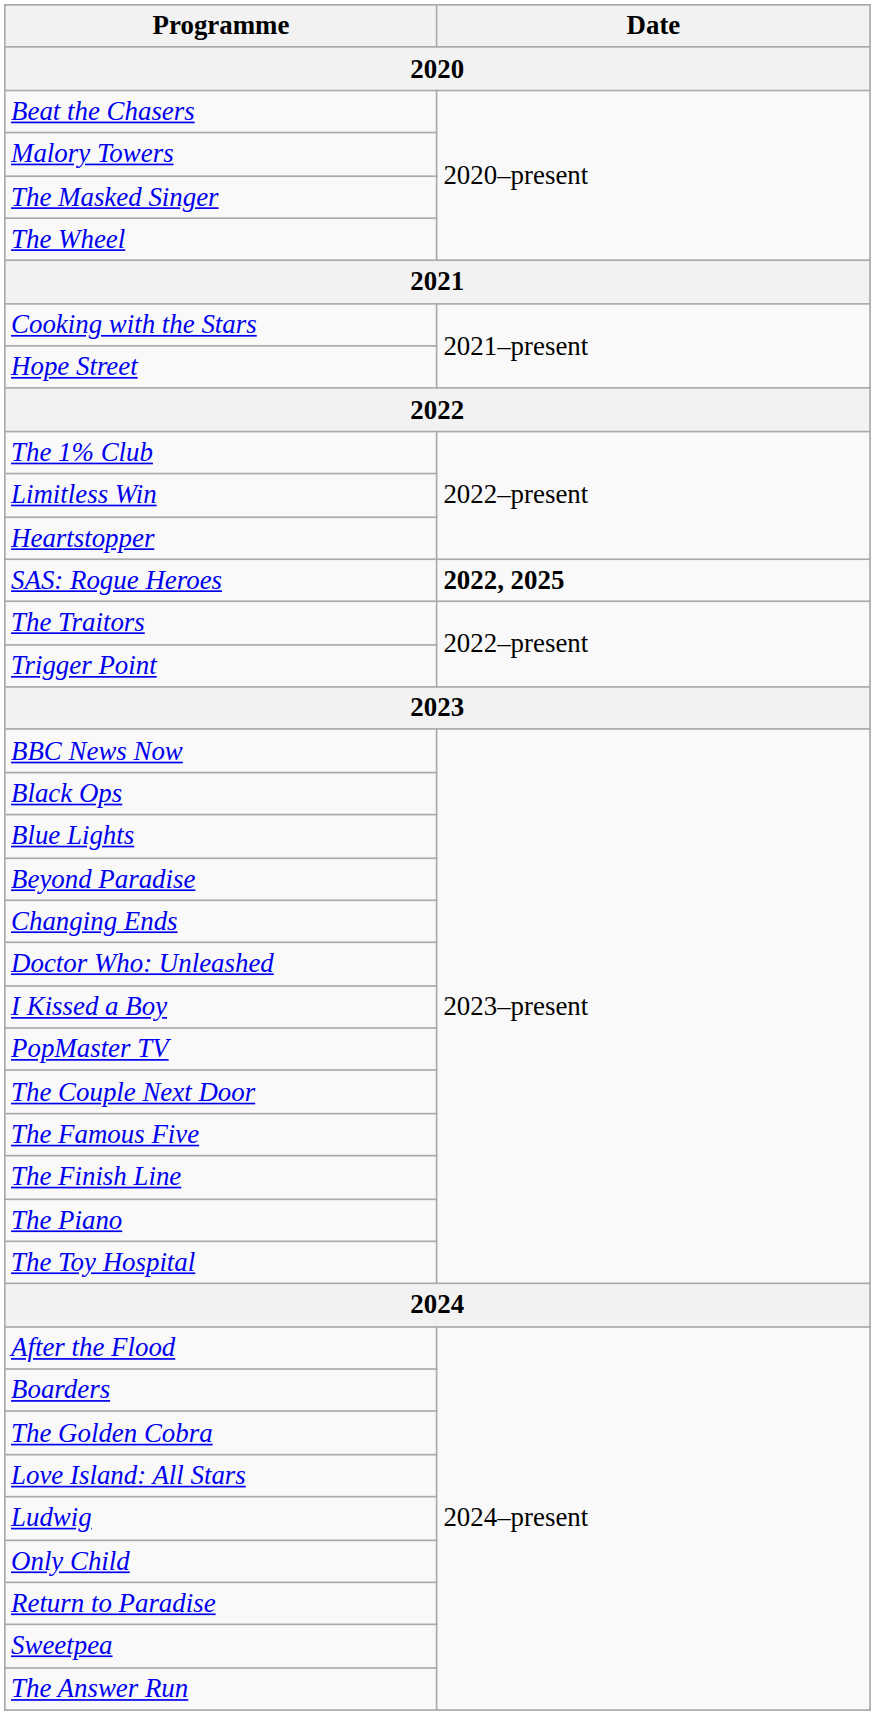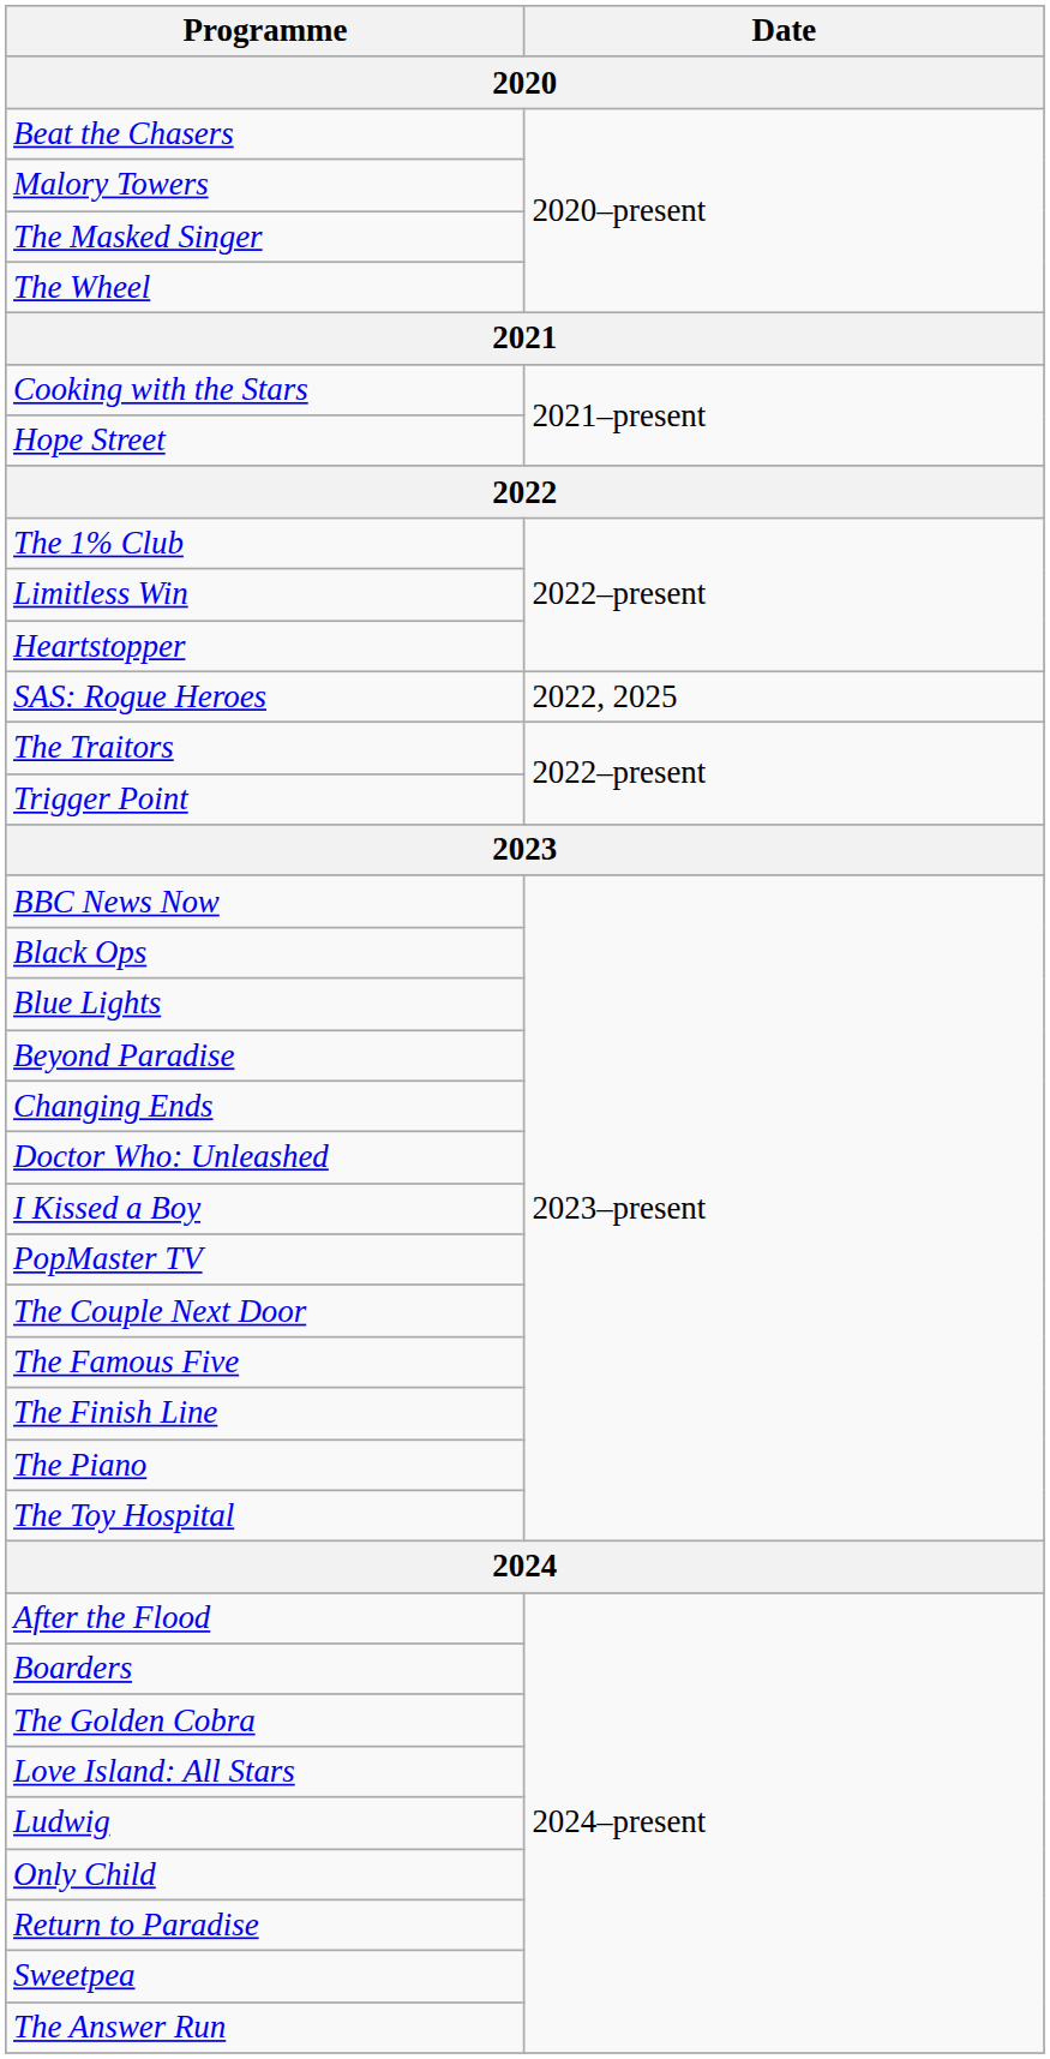 <table class="wikitable">
 <tr>
 <th width=250>Programme</th>
 <th width=250>Date</th>
 </tr>
 <tr>
 <th colspan=2>2020</th>
 </tr>
 <tr>
 <td><em><a href='#'>Beat the Chasers</a></em></td>
 <td rowspan="4">2020–present</td>
 </tr>
 <tr>
 <td><em><a href='#'>Malory Towers</a></em></td>
 </tr>
 <tr>
 <td><em><a href='#'>The Masked Singer</a></em></td>
 </tr>
 <tr>
 <td><em><a href='#'>The Wheel</a></em></td>
 </tr>
 <tr>
 <th colspan=2>2021</th>
 </tr>
 <tr>
 <td><em><a href='#'>Cooking with the Stars</a></em></td>
 <td rowspan="2">2021–present</td>
 </tr>
 <tr>
 <td><em><a href='#'>Hope Street</a></em></td>
 </tr>
 <tr>
 <th colspan=2>2022</th>
 </tr>
 <tr>
 <td><em><a href='#'>The 1% Club</a></em></td>
 <td rowspan="3">2022–present</td>
 </tr>
 <tr>
 <td><em><a href='#'>Limitless Win</a></em></td>
 </tr>
 <tr>
 <td><em><a href='#'>Heartstopper</a></em></td>
 </tr>
 <tr>
 <td><em><a href='#'>SAS: Rogue Heroes</a></em></td>
-<td><strong>2022, 2025</strong></td>
+<td>2022, 2025</td>
 </tr>
 <tr>
 <td><em><a href='#'>The Traitors</a></em></td>
 <td rowspan="2">2022–present</td>
 </tr>
 <tr>
 <td><em><a href='#'>Trigger Point</a></em></td>
 </tr>
 <tr>
 <th colspan=2>2023</th>
 </tr>
 <tr>
 <td><em><a href='#'>BBC News Now</a></em></td>
 <td rowspan="13">2023–present</td>
 </tr>
 <tr>
 <td><em><a href='#'>Black Ops</a></em></td>
 </tr>
 <tr>
 <td><em><a href='#'>Blue Lights</a></em></td>
 </tr>
 <tr>
 <td><em><a href='#'>Beyond Paradise</a></em></td>
 </tr>
 <tr>
 <td><em><a href='#'>Changing Ends</a></em></td>
 </tr>
 <tr>
 <td><em><a href='#'>Doctor Who: Unleashed</a></em></td>
 </tr>
 <tr>
 <td><em><a href='#'>I Kissed a Boy</a></em></td>
 </tr>
 <tr>
 <td><em><a href='#'>PopMaster TV</a></em></td>
 </tr>
 <tr>
 <td><em><a href='#'>The Couple Next Door</a></em></td>
 </tr>
 <tr>
 <td><em><a href='#'>The Famous Five</a></em></td>
 </tr>
 <tr>
 <td><em><a href='#'>The Finish Line</a></em></td>
 </tr>
 <tr>
 <td><em><a href='#'>The Piano</a></em></td>
 </tr>
 <tr>
 <td><em><a href='#'>The Toy Hospital</a></em></td>
 </tr>
 <tr>
 <th colspan=2>2024</th>
 </tr>
 <tr>
 <td><em><a href='#'>After the Flood</a></em></td>
 <td rowspan="9">2024–present</td>
 </tr>
 <tr>
 <td><em><a href='#'>Boarders</a></em></td>
 </tr>
 <tr>
 <td><em><a href='#'>The Golden Cobra</a></em></td>
 </tr>
 <tr>
 <td><em><a href='#'>Love Island: All Stars</a></em></td>
 </tr>
 <tr>
 <td><em><a href='#'>Ludwig</a></em></td>
 </tr>
 <tr>
 <td><em><a href='#'> Only Child</a></em></td>
 </tr>
 <tr>
 <td><em><a href='#'>Return to Paradise</a></em></td>
 </tr>
 <tr>
 <td><em><a href='#'>Sweetpea</a></em></td>
 </tr>
 <tr>
 <td><em><a href='#'>The Answer Run</a></em></td>
 </tr>
 </table>
